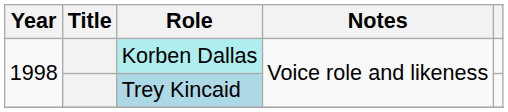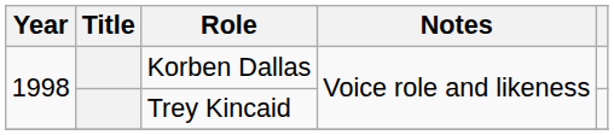 <table class="wikitable sortable plainrowheaders">
 <tr>
 <th scope=col>Year</th>
 <th scope=col>Title</th>
 <th scope=col>Role</th>
 <th scope=col class="unsortable">Notes</th>
 <th scope=col class="unsortable"></th>
 </tr>
 <tr>
 <td rowspan=2>1998</td>
 <th scope=row></th>
-<td style="background: paleturquoise;">Korben Dallas</td>
+<td>Korben Dallas</td>
 <td rowspan="2">Voice role and likeness</td>
 <td style="text-align:center;"></td>
 </tr>
 <tr>
 <th scope=row></th>
-<td style="background: lightblue;">Trey Kincaid</td>
+<td>Trey Kincaid</td>
 <td style="text-align:center;"></td>
 </tr>
 <tr>
 </tr>
 </table>
